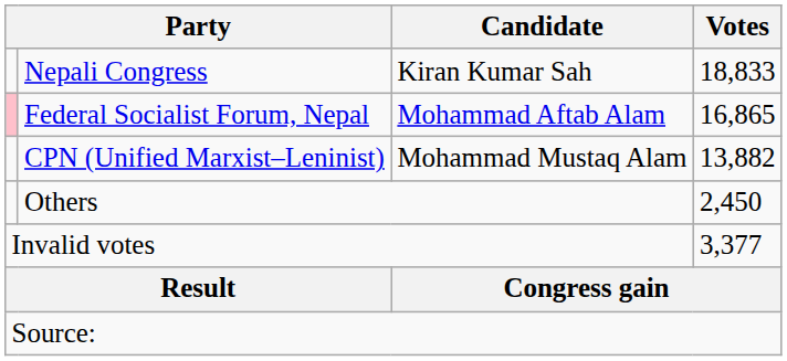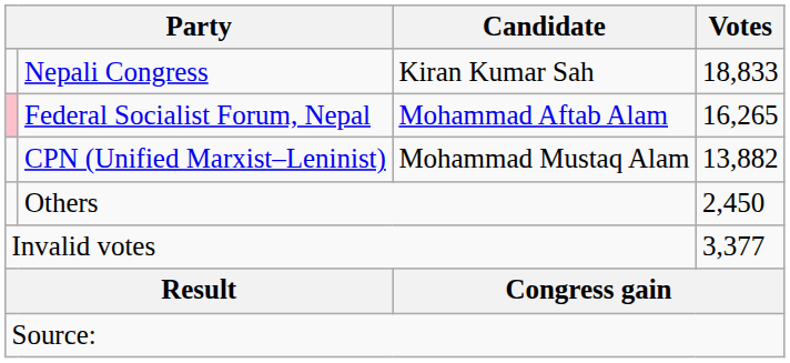 <table class="wikitable">
 <tr>
 <th colspan="2">Party</th>
 <th>Candidate</th>
 <th>Votes</th>
 </tr>
 <tr>
 <td style="background-color:"></td>
 <td><a href='#'>Nepali Congress</a></td>
 <td>Kiran Kumar Sah</td>
 <td>18,833</td>
 </tr>
 <tr>
 <td style="background-color:pink"></td>
 <td><a href='#'>Federal Socialist Forum, Nepal</a></td>
 <td><a href='#'>Mohammad Aftab Alam</a></td>
-<td>16,865</td>
+<td>16,265</td>
 </tr>
 <tr>
 <td style="background-color:"></td>
 <td><a href='#'>CPN (Unified Marxist–Leninist)</a></td>
 <td>Mohammad Mustaq Alam</td>
 <td>13,882</td>
 </tr>
 <tr>
 <td></td>
 <td colspan="2">Others</td>
 <td>2,450</td>
 </tr>
 <tr>
 <td colspan="3">Invalid votes</td>
 <td>3,377</td>
 </tr>
 <tr>
 <th colspan="2">Result</th>
 <th colspan="2">Congress gain</th>
 </tr>
 <tr>
 <td colspan="4">Source: </td>
 </tr>
 </table>
